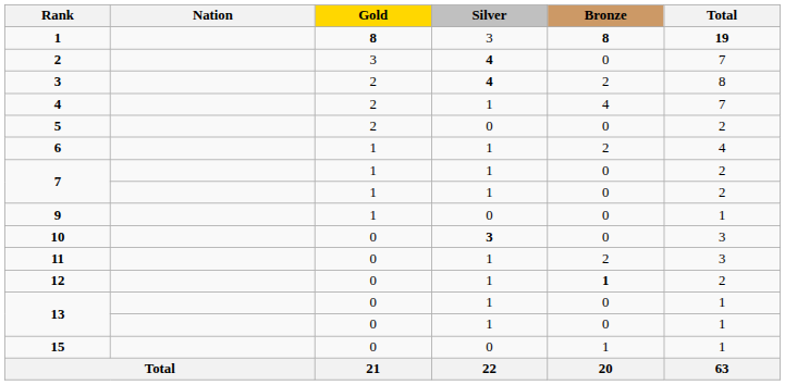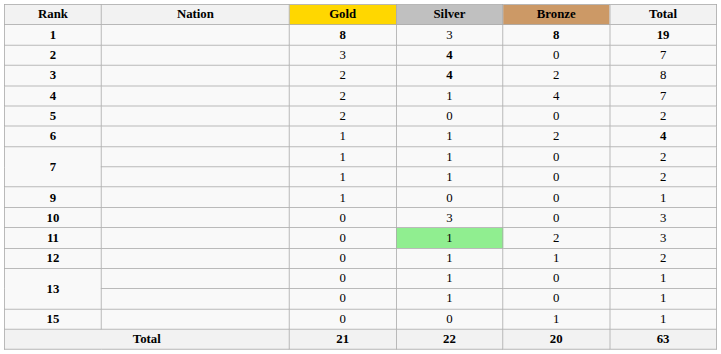 <table class="wikitable collapsible autocollapse plainrowheaders" width=70.5% style="text-align:center;">
 <tr style="background-color:#EDEDED;">
 <th width=100px class="hintergrundfarbe5">Rank</th>
 <th width=200px class="hintergrundfarbe6">Nation</th>
 <th style="background:    gold; width:15%">Gold</th>
 <th style="background:  silver; width:15%">Silver</th>
 <th style="background: #CC9966; width:15%">Bronze</th>
 <th class="hintergrundfarbe6" style="width:15%">Total</th>
 </tr>
 <tr>
 <td><strong>1</strong></td>
 <td align=left></td>
 <td><strong>8</strong></td>
 <td>3</td>
 <td><strong>8</strong></td>
 <td><strong>19</strong></td>
 </tr>
 <tr>
 <td><strong>2</strong></td>
 <td align=left><em></em></td>
 <td>3</td>
 <td><strong>4</strong></td>
 <td>0</td>
 <td>7</td>
 </tr>
 <tr>
 <td><strong>3</strong></td>
 <td align=left></td>
 <td>2</td>
 <td><strong>4</strong></td>
 <td>2</td>
 <td>8</td>
 </tr>
 <tr>
 <td><strong>4</strong></td>
 <td align=left></td>
 <td>2</td>
 <td>1</td>
 <td>4</td>
 <td>7</td>
 </tr>
 <tr>
 <td><strong>5</strong></td>
 <td align=left></td>
 <td>2</td>
 <td>0</td>
 <td>0</td>
 <td>2</td>
 </tr>
 <tr>
 <td><strong>6</strong></td>
 <td align=left></td>
 <td>1</td>
 <td>1</td>
 <td>2</td>
-<td>4</td>
+<td><strong>4</strong></td>
 </tr>
 <tr>
 <td rowspan=2><strong>7</strong></td>
 <td align=left></td>
 <td>1</td>
 <td>1</td>
 <td>0</td>
 <td>2</td>
 </tr>
 <tr>
 <td align=left></td>
 <td>1</td>
 <td>1</td>
 <td>0</td>
 <td>2</td>
 </tr>
 <tr>
 <td><strong>9</strong></td>
 <td align=left></td>
 <td>1</td>
 <td>0</td>
 <td>0</td>
 <td>1</td>
 </tr>
 <tr>
 <td><strong>10</strong></td>
 <td align=left></td>
 <td>0</td>
-<td><strong>3</strong></td>
+<td>3</td>
 <td>0</td>
 <td>3</td>
 </tr>
 <tr>
 <td><strong>11</strong></td>
 <td align=left></td>
 <td>0</td>
-<td>1</td>
+<td style="background: lightgreen;">1</td>
 <td>2</td>
 <td>3</td>
 </tr>
 <tr>
 <td><strong>12</strong></td>
 <td align=left></td>
 <td>0</td>
 <td>1</td>
-<td><strong>1</strong></td>
+<td>1</td>
 <td>2</td>
 </tr>
 <tr>
 <td rowspan=2><strong>13</strong></td>
 <td align=left></td>
 <td>0</td>
 <td>1</td>
 <td>0</td>
 <td>1</td>
 </tr>
 <tr>
 <td align=left></td>
 <td>0</td>
 <td>1</td>
 <td>0</td>
 <td>1</td>
 </tr>
 <tr>
 <td><strong>15</strong></td>
 <td align=left><em></em></td>
 <td>0</td>
 <td>0</td>
 <td>1</td>
 <td>1</td>
 </tr>
 <tr>
 <th colspan=2>Total</th>
 <th>21</th>
 <th>22</th>
 <th>20</th>
 <th>63</th>
 </tr>
 </table>
